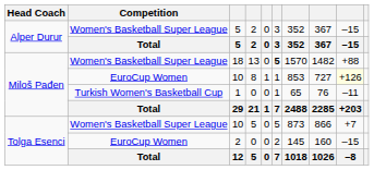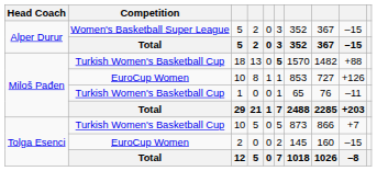 <table class="wikitable" style="font-size:95%; text-align:center;">
 <tr>
 <th>Head Coach</th>
 <th>Competition</th>
 <th></th>
 <th></th>
 <th></th>
 <th></th>
 <th></th>
 <th></th>
 <th></th>
 <th></th>
 </tr>
 <tr>
 <td rowspan=2><a href='#'>Alper Durur</a></td>
 <td><a href='#'>Women's Basketball Super League</a></td>
 <td>5</td>
 <td>2</td>
 <td>0</td>
 <td>3</td>
 <td>352</td>
 <td>367</td>
 <td>–15</td>
 <td></td>
 </tr>
 <tr>
 <th>Total</th>
 <th>5</th>
 <th>2</th>
 <th>0</th>
 <th>3</th>
 <th>352</th>
 <th>367</th>
 <th>–15</th>
 <th></th>
 </tr>
 <tr>
 <td rowspan=4><a href='#'>Miloš Pađen</a></td>
-<td><a href='#'>Women's Basketball Super League</a></td>
+<td><a href='#'>Turkish Women's Basketball Cup</a></td>
 <td>18</td>
 <td>13</td>
 <td>0</td>
 <td><strong>5</strong></td>
 <td>1570</td>
 <td>1482</td>
 <td>+88</td>
 <td></td>
 </tr>
 <tr>
 <td><a href='#'>EuroCup Women</a></td>
 <td>10</td>
 <td>8</td>
 <td>1</td>
 <td>1</td>
 <td>853</td>
 <td>727</td>
-<td style="background: lightyellow;">+126</td>
+<td>+126</td>
 <td></td>
 </tr>
 <tr>
 <td><a href='#'>Turkish Women's Basketball Cup</a></td>
 <td>1</td>
 <td>0</td>
 <td>0</td>
 <td>1</td>
 <td>65</td>
 <td>76</td>
 <td>–11</td>
 <td></td>
 </tr>
 <tr>
 <th>Total</th>
 <th>29</th>
 <th>21</th>
 <th>1</th>
 <th>7</th>
 <th>2488</th>
 <th>2285</th>
 <th>+203</th>
 <th></th>
 </tr>
 <tr>
 <td rowspan=3><a href='#'>Tolga Esenci</a></td>
-<td><a href='#'>Women's Basketball Super League</a></td>
+<td><a href='#'>Turkish Women's Basketball Cup</a></td>
 <td>10</td>
 <td>5</td>
 <td>0</td>
 <td>5</td>
 <td>873</td>
 <td>866</td>
 <td>+7</td>
 <td></td>
 </tr>
 <tr>
 <td><a href='#'>EuroCup Women</a></td>
 <td>2</td>
 <td>0</td>
 <td>0</td>
 <td>2</td>
 <td>145</td>
 <td>160</td>
 <td>–15</td>
 <td></td>
 </tr>
 <tr>
 <th>Total</th>
 <th>12</th>
 <th>5</th>
 <th>0</th>
 <th>7</th>
 <th>1018</th>
 <th>1026</th>
 <th>–8</th>
 <th></th>
 </tr>
 </table>
